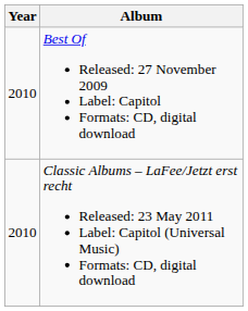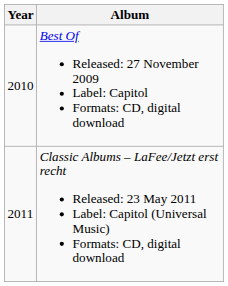 <table class="wikitable">
 <tr>
 <th width="20">Year</th>
 <th width="220">Album</th>
 </tr>
 <tr>
 <td>2010</td>
 <td><em><a href='#'>Best Of</a></em><br><ul><li>Released: 27 November 2009</li><li>Label: Capitol</li><li>Formats: CD, digital download</li></ul></td>
 </tr>
 <tr>
-<td>2010</td>
+<td>2011</td>
 <td><em>Classic Albums – LaFee/Jetzt erst recht</em><br><ul><li>Released: 23 May 2011</li><li>Label: Capitol (Universal Music)</li><li>Formats: CD, digital download</li></ul></td>
 </tr>
 </table>
